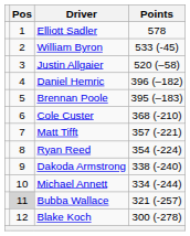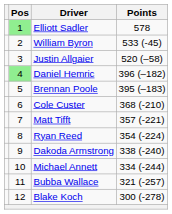 <table class="wikitable" style="font-size: 95%;">
 <tr>
 <th></th>
 <th>Pos</th>
 <th>Driver</th>
 <th>Points</th>
 </tr>
 <tr>
 <td align="left"></td>
-<td style="text-align:center;">1</td>
+<td style="background: lightgreen; text-align:center;">1</td>
 <td><a href='#'>Elliott Sadler</a></td>
 <td style="text-align:center;">578</td>
 </tr>
 <tr>
 <td align="left"></td>
 <td style="text-align:center;">2</td>
 <td><a href='#'>William Byron</a></td>
 <td style="text-align:center;">533 (-45)</td>
 </tr>
 <tr>
 <td align="left"></td>
 <td style="text-align:center;">3</td>
 <td><a href='#'>Justin Allgaier</a></td>
 <td style="text-align:center;">520 (–58)</td>
 </tr>
 <tr>
 <td align="left"></td>
-<td style="text-align:center;">4</td>
+<td style="background: lightgreen; text-align:center;">4</td>
 <td><a href='#'>Daniel Hemric</a></td>
 <td style="text-align:center;">396 (–182)</td>
 </tr>
 <tr>
 <td align="left"></td>
 <td style="text-align:center;">5</td>
 <td><a href='#'>Brennan Poole</a></td>
 <td style="text-align:center;">395 (–183)</td>
 </tr>
 <tr>
 <td align="left"></td>
 <td style="text-align:center;">6</td>
 <td><a href='#'>Cole Custer</a></td>
 <td style="text-align:center;">368 (-210)</td>
 </tr>
 <tr>
 <td align="left"></td>
 <td style="text-align:center;">7</td>
 <td><a href='#'>Matt Tifft</a></td>
 <td style="text-align:center;">357 (-221)</td>
 </tr>
 <tr>
 <td align="left"></td>
 <td style="text-align:center;">8</td>
 <td><a href='#'>Ryan Reed</a></td>
 <td style="text-align:center;">354 (-224)</td>
 </tr>
 <tr>
 <td align="left"></td>
 <td style="text-align:center;">9</td>
 <td><a href='#'>Dakoda Armstrong</a></td>
 <td style="text-align:center;">338 (-240)</td>
 </tr>
 <tr>
 <td align="left"></td>
 <td style="text-align:center;">10</td>
 <td><a href='#'>Michael Annett</a></td>
 <td style="text-align:center;">334 (-244)</td>
 </tr>
 <tr>
 <td align="left"></td>
-<td style="background: lightgrey; text-align:center;">11</td>
+<td style="text-align:center;">11</td>
 <td><a href='#'>Bubba Wallace</a></td>
 <td style="text-align:center;">321 (-257)</td>
 </tr>
 <tr>
 <td align="left"></td>
 <td style="text-align:center;">12</td>
 <td><a href='#'>Blake Koch</a></td>
 <td style="text-align:center;">300 (-278)</td>
 </tr>
 <tr class="sortbottom">
 <th colspan="9"></th>
 </tr>
 </table>
